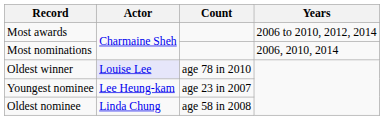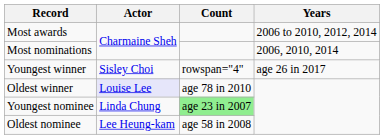 <table class="wikitable plainrowheaders sortable">
 <tr>
 <th scope="col" class="unsortable">Record</th>
 <th scope="col" class="unsortable">Actor</th>
 <th scope="col" class="unsortable">Count</th>
 <th scope="col" class="unsortable">Years</th>
 </tr>
 <tr>
 <td>Most awards</td>
 <td rowspan="2"><a href='#'>Charmaine Sheh</a></td>
 <td></td>
 <td>2006 to 2010, 2012, 2014</td>
 </tr>
 <tr>
 <td>Most nominations</td>
 <td></td>
 <td>2006, 2010, 2014</td>
 </tr>
 <tr>
+<td>Youngest winner</td>
+<td><a href='#'>Sisley Choi</a></td>
+<td>rowspan="4" </td>
+<td>age 26 in 2017</td>
+</tr>
+<tr>
 <td>Oldest winner</td>
 <td style="background: lavender;"><a href='#'>Louise Lee</a></td>
 <td>age 78 in 2010</td>
 </tr>
 <tr>
 <td>Youngest nominee</td>
-<td><a href='#'>Lee Heung-kam</a></td>
-<td>age 23 in 2007</td>
+<td><a href='#'>Linda Chung</a></td>
+<td style="background: lightgreen;">age 23 in 2007</td>
 </tr>
 <tr>
 <td>Oldest nominee</td>
-<td><a href='#'>Linda Chung</a></td>
+<td><a href='#'>Lee Heung-kam</a></td>
 <td>age 58 in 2008</td>
 </tr>
 </table>
